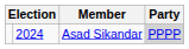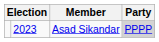 <table class="wikitable">
 <tr>
 <th colspan="2">Election</th>
 <th>Member</th>
 <th>Party</th>
 </tr>
 <tr>
 <td style="background-color: "></td>
-<td><a href='#'>2024</a></td>
+<td><a href='#'>2023</a></td>
 <td><a href='#'>Asad Sikandar</a></td>
 <td style="background: lightgrey;"><a href='#'>PPPP</a></td>
 </tr>
 </table>
